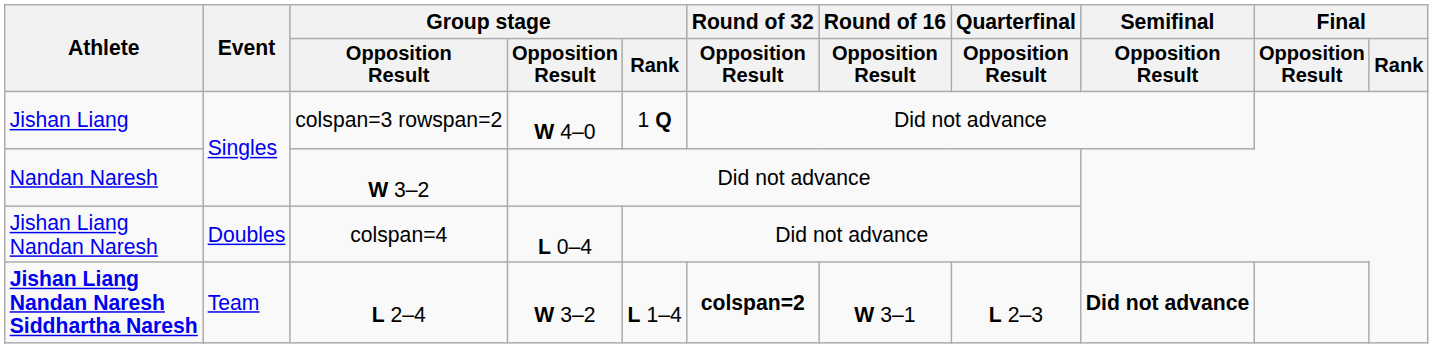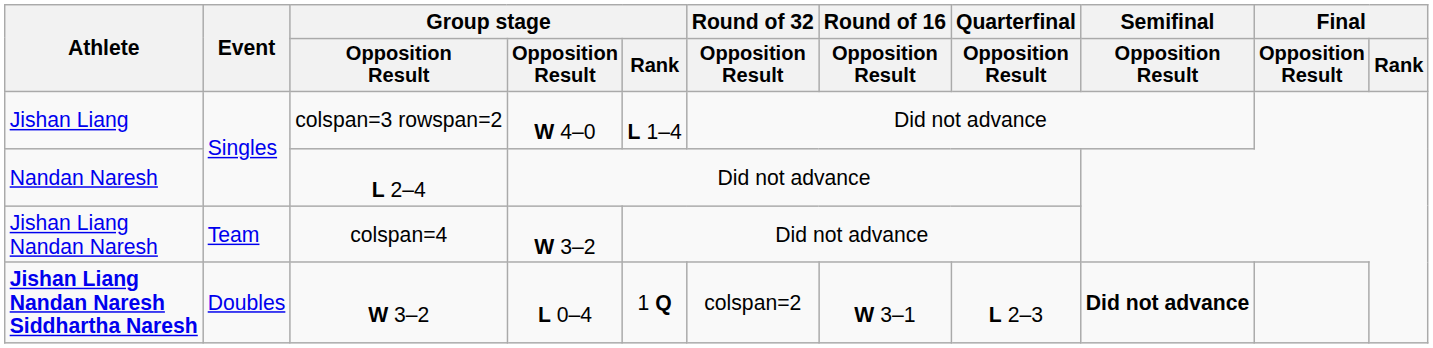 <table class=wikitable style=font-size:90%;text-align:center>
 <tr>
 <th rowspan=2>Athlete</th>
 <th rowspan=2>Event</th>
 <th colspan=3>Group stage</th>
 <th>Round of 32</th>
 <th>Round of 16</th>
 <th>Quarterfinal</th>
 <th>Semifinal</th>
 <th colspan=2>Final</th>
 </tr>
 <tr style=font-size:95%>
 <th>Opposition<br>Result</th>
 <th>Opposition<br>Result</th>
 <th>Rank</th>
 <th>Opposition<br>Result</th>
 <th>Opposition<br>Result</th>
 <th>Opposition<br>Result</th>
 <th>Opposition<br>Result</th>
 <th>Opposition<br>Result</th>
 <th>Rank</th>
 </tr>
 <tr>
 <td align=left><a href='#'>Jishan Liang</a></td>
 <td align=left rowspan=2><a href='#'>Singles</a></td>
 <td>colspan=3 rowspan=2 </td>
 <td><br><strong>W</strong> 4–0</td>
-<td>1 <strong>Q</strong></td>
+<td><br><strong>L</strong> 1–4</td>
 <td colspan=4>Did not advance</td>
 </tr>
 <tr>
 <td align=left><a href='#'>Nandan Naresh</a></td>
-<td><br><strong>W</strong> 3–2</td>
+<td><br><strong>L</strong> 2–4</td>
 <td colspan=5>Did not advance</td>
 </tr>
 <tr>
 <td align=left><a href='#'>Jishan Liang</a><br><a href='#'>Nandan Naresh</a></td>
-<td align=left><a href='#'>Doubles</a></td>
+<td align=left><a href='#'>Team</a></td>
 <td>colspan=4 </td>
-<td><br><strong>L</strong> 0–4</td>
+<td><br><strong>W</strong> 3–2</td>
 <td colspan=4>Did not advance</td>
 </tr>
 <tr>
 <td align=left><strong><a href='#'>Jishan Liang</a><br><a href='#'>Nandan Naresh</a><br><a href='#'>Siddhartha Naresh</a></strong></td>
-<td align=left><a href='#'>Team</a></td>
-<td><br><strong>L</strong> 2–4</td>
+<td align=left><a href='#'>Doubles</a></td>
 <td><br><strong>W</strong> 3–2</td>
-<td><br><strong>L</strong> 1–4</td>
-<td><strong>colspan=2 </strong></td>
+<td><br><strong>L</strong> 0–4</td>
+<td>1 <strong>Q</strong></td>
+<td>colspan=2 </td>
 <td><br><strong>W</strong> 3–1</td>
 <td><br><strong>L</strong> 2–3</td>
 <td><strong>Did not advance</strong></td>
 <td></td>
 </tr>
 </table>
